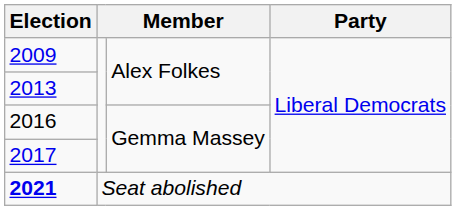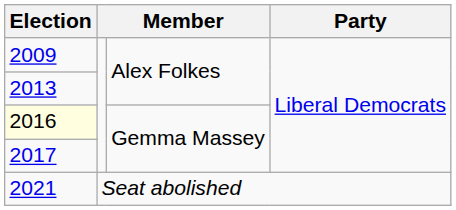 <table class="wikitable">
 <tr>
 <th>Election</th>
 <th colspan="2">Member</th>
 <th>Party</th>
 </tr>
 <tr>
 <td><a href='#'>2009</a></td>
 <td rowspan="4" style="background-color: "></td>
 <td rowspan="2">Alex Folkes</td>
 <td rowspan="4"><a href='#'>Liberal Democrats</a></td>
 </tr>
 <tr>
 <td><a href='#'>2013</a></td>
 </tr>
 <tr>
-<td>2016</td>
+<td style="background: lightyellow;">2016</td>
 <td rowspan="2">Gemma Massey</td>
 </tr>
 <tr>
 <td><a href='#'>2017</a></td>
 </tr>
 <tr>
-<td><strong><a href='#'>2021</a></strong></td>
+<td><a href='#'>2021</a></td>
 <td colspan="3"><em>Seat abolished</em></td>
 </tr>
 </table>
